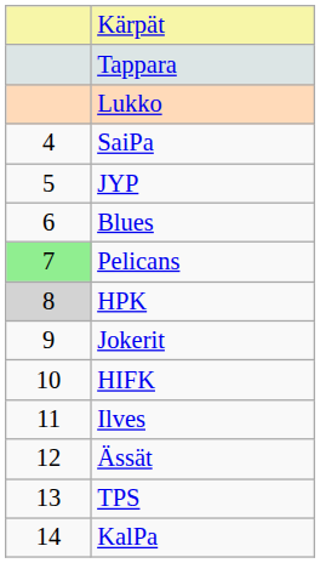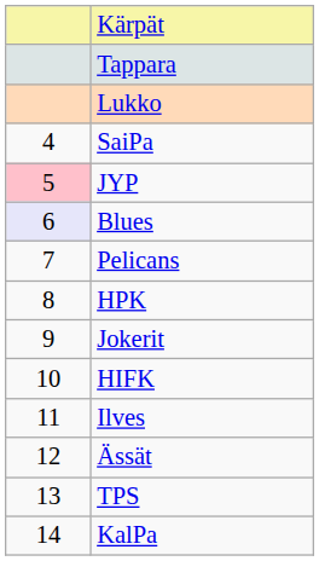 <table class="wikitable" style="width:200px;">
 <tr style="background:#F7F6A8;">
 <td align=center></td>
 <td><a href='#'>Kärpät</a></td>
 </tr>
 <tr style="background:#DCE5E5;">
 <td align=center></td>
 <td><a href='#'>Tappara</a></td>
 </tr>
 <tr style="background:#FFDAB9;">
 <td align=center></td>
 <td><a href='#'>Lukko</a></td>
 </tr>
 <tr>
 <td align=center>4</td>
 <td><a href='#'>SaiPa</a></td>
 </tr>
 <tr>
-<td align=center>5</td>
+<td align=center style="background: pink;">5</td>
 <td><a href='#'>JYP</a></td>
 </tr>
 <tr>
-<td align=center>6</td>
+<td align=center style="background: lavender;">6</td>
 <td><a href='#'>Blues</a></td>
 </tr>
 <tr>
-<td align=center style="background: lightgreen;">7</td>
+<td align=center>7</td>
 <td><a href='#'>Pelicans</a></td>
 </tr>
 <tr>
-<td align=center style="background: lightgrey;">8</td>
+<td align=center>8</td>
 <td><a href='#'>HPK</a></td>
 </tr>
 <tr>
 <td align=center>9</td>
 <td><a href='#'>Jokerit</a></td>
 </tr>
 <tr>
 <td align=center>10</td>
 <td><a href='#'>HIFK</a></td>
 </tr>
 <tr>
 <td align=center>11</td>
 <td><a href='#'>Ilves</a></td>
 </tr>
 <tr>
 <td align=center>12</td>
 <td><a href='#'>Ässät</a></td>
 </tr>
 <tr>
 <td align=center>13</td>
 <td><a href='#'>TPS</a></td>
 </tr>
 <tr>
 <td align=center>14</td>
 <td><a href='#'>KalPa</a></td>
 </tr>
 </table>
